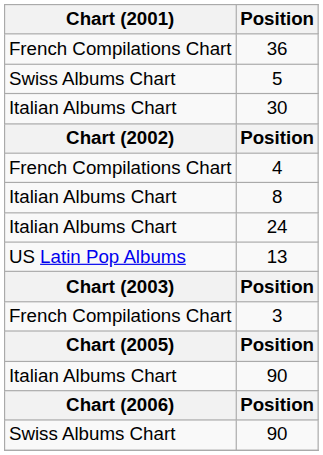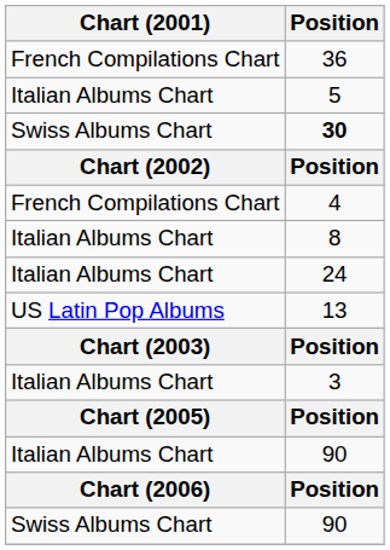 <table class="wikitable">
 <tr>
 <th>Chart (2001)</th>
 <th>Position</th>
 </tr>
 <tr>
 <td>French Compilations Chart</td>
 <td style="text-align:center;">36</td>
 </tr>
 <tr>
-<td>Swiss Albums Chart</td>
+<td>Italian Albums Chart</td>
 <td style="text-align:center;">5</td>
 </tr>
 <tr>
-<td>Italian Albums Chart</td>
-<td style="text-align:center;">30</td>
+<td>Swiss Albums Chart</td>
+<td style="text-align:center;"><strong>30</strong></td>
 </tr>
 <tr>
 <th>Chart (2002)</th>
 <th>Position</th>
 </tr>
 <tr>
 <td>French Compilations Chart</td>
 <td style="text-align:center;">4</td>
 </tr>
 <tr>
 <td>Italian Albums Chart</td>
 <td style="text-align:center;">8</td>
 </tr>
 <tr>
 <td>Italian Albums Chart</td>
 <td style="text-align:center;">24</td>
 </tr>
 <tr>
 <td>US <a href='#'>Latin Pop Albums</a></td>
 <td style="text-align:center;">13</td>
 </tr>
 <tr>
 <th>Chart (2003)</th>
 <th>Position</th>
 </tr>
 <tr>
-<td>French Compilations Chart</td>
+<td>Italian Albums Chart</td>
 <td style="text-align:center;">3</td>
 </tr>
 <tr>
 <th>Chart (2005)</th>
 <th>Position</th>
 </tr>
 <tr>
 <td>Italian Albums Chart</td>
 <td style="text-align:center;">90</td>
 </tr>
 <tr>
 <th>Chart (2006)</th>
 <th>Position</th>
 </tr>
 <tr>
 <td>Swiss Albums Chart</td>
 <td style="text-align:center;">90</td>
 </tr>
 <tr>
 </tr>
 </table>
